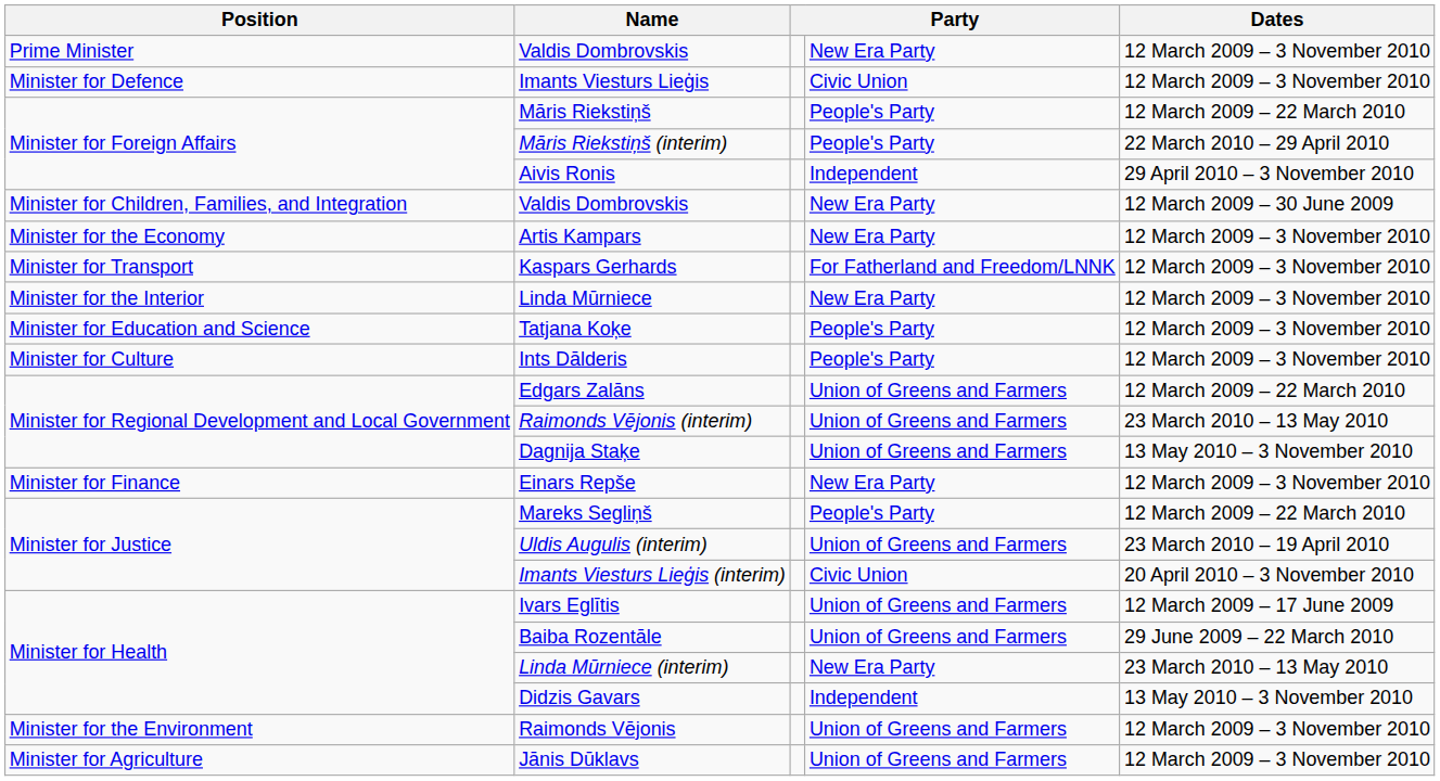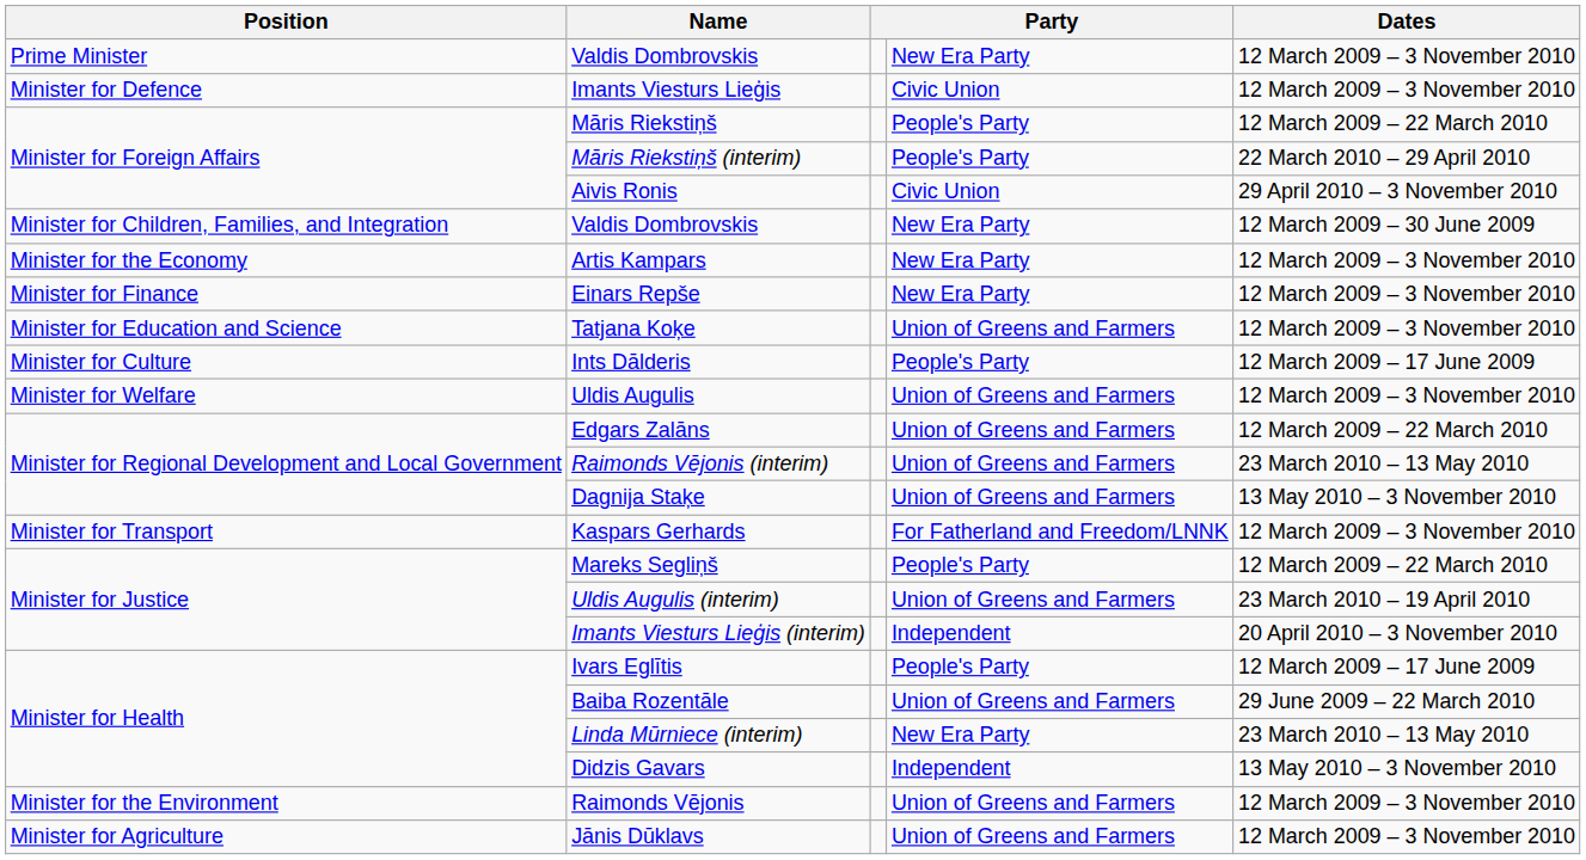 <table class="wikitable">
 <tr>
 <th>Position</th>
 <th>Name</th>
 <th colspan=2>Party</th>
 <th>Dates</th>
 </tr>
 <tr>
 <td><a href='#'>Prime Minister</a></td>
 <td><a href='#'>Valdis Dombrovskis</a></td>
 <td width=5px style="background-color: "></td>
 <td><a href='#'>New Era Party</a></td>
 <td>12 March 2009 – 3 November 2010</td>
 </tr>
 <tr>
 <td><a href='#'>Minister for Defence</a></td>
 <td><a href='#'>Imants Viesturs Lieģis</a></td>
 <td style="background-color: "></td>
 <td><a href='#'>Civic Union</a></td>
 <td>12 March 2009 – 3 November 2010</td>
 </tr>
 <tr>
 <td rowspan="3"><a href='#'>Minister for Foreign Affairs</a></td>
 <td><a href='#'>Māris Riekstiņš</a></td>
 <td style="background-color: "></td>
 <td><a href='#'>People's Party</a></td>
 <td>12 March 2009 – 22 March 2010</td>
 </tr>
 <tr>
 <td><em><a href='#'>Māris Riekstiņš</a> (interim)</em></td>
 <td style="background-color: "></td>
 <td><a href='#'>People's Party</a></td>
 <td>22 March 2010 – 29 April 2010</td>
 </tr>
 <tr>
 <td><a href='#'>Aivis Ronis</a></td>
 <td style="background-color: "></td>
-<td><a href='#'>Independent</a></td>
+<td><a href='#'>Civic Union</a></td>
 <td>29 April 2010 – 3 November 2010</td>
 </tr>
 <tr>
 <td><a href='#'>Minister for Children, Families, and Integration</a></td>
 <td><a href='#'>Valdis Dombrovskis</a></td>
 <td style="background-color: "></td>
 <td><a href='#'>New Era Party</a></td>
 <td>12 March 2009 – 30 June 2009</td>
 </tr>
 <tr>
 <td><a href='#'>Minister for the Economy</a></td>
 <td><a href='#'>Artis Kampars</a></td>
 <td style="background-color: "></td>
 <td><a href='#'>New Era Party</a></td>
 <td>12 March 2009 – 3 November 2010</td>
 </tr>
 <tr>
-<td><a href='#'>Minister for Transport</a></td>
-<td><a href='#'>Kaspars Gerhards</a></td>
-<td style="background-color: "></td>
-<td><a href='#'>For Fatherland and Freedom/LNNK</a></td>
-<td>12 March 2009 – 3 November 2010</td>
-</tr>
-<tr>
-<td><a href='#'>Minister for the Interior</a></td>
-<td><a href='#'>Linda Mūrniece</a></td>
+<td><a href='#'>Minister for Finance</a></td>
+<td><a href='#'>Einars Repše</a></td>
 <td style="background-color: "></td>
 <td><a href='#'>New Era Party</a></td>
 <td>12 March 2009 – 3 November 2010</td>
 </tr>
 <tr>
 <td><a href='#'>Minister for Education and Science</a></td>
 <td><a href='#'>Tatjana Koķe</a></td>
 <td style="background-color: "></td>
-<td><a href='#'>People's Party</a></td>
+<td><a href='#'>Union of Greens and Farmers</a></td>
 <td>12 March 2009 – 3 November 2010</td>
 </tr>
 <tr>
 <td><a href='#'>Minister for Culture</a></td>
 <td><a href='#'>Ints Dālderis</a></td>
 <td style="background-color: "></td>
 <td><a href='#'>People's Party</a></td>
+<td>12 March 2009 – 17 June 2009</td>
+</tr>
+<tr>
+<td><a href='#'>Minister for Welfare</a></td>
+<td><a href='#'>Uldis Augulis</a></td>
+<td style="background-color: "></td>
+<td><a href='#'>Union of Greens and Farmers</a></td>
 <td>12 March 2009 – 3 November 2010</td>
 </tr>
 <tr>
 <td rowspan="3"><a href='#'>Minister for Regional Development and Local Government</a></td>
 <td><a href='#'>Edgars Zalāns</a></td>
 <td style="background-color: "></td>
 <td><a href='#'>Union of Greens and Farmers</a></td>
 <td>12 March 2009 – 22 March 2010</td>
 </tr>
 <tr>
 <td><em><a href='#'>Raimonds Vējonis</a> (interim)</em></td>
 <td style="background-color: "></td>
 <td><a href='#'>Union of Greens and Farmers</a></td>
 <td>23 March 2010 – 13 May 2010</td>
 </tr>
 <tr>
 <td><a href='#'>Dagnija Staķe</a></td>
 <td style="background-color: "></td>
 <td><a href='#'>Union of Greens and Farmers</a></td>
 <td>13 May 2010 – 3 November 2010</td>
 </tr>
 <tr>
-<td><a href='#'>Minister for Finance</a></td>
-<td><a href='#'>Einars Repše</a></td>
+<td><a href='#'>Minister for Transport</a></td>
+<td><a href='#'>Kaspars Gerhards</a></td>
 <td style="background-color: "></td>
-<td><a href='#'>New Era Party</a></td>
+<td><a href='#'>For Fatherland and Freedom/LNNK</a></td>
 <td>12 March 2009 – 3 November 2010</td>
 </tr>
 <tr>
 <td rowspan="3"><a href='#'>Minister for Justice</a></td>
 <td><a href='#'>Mareks Segliņš</a></td>
 <td style="background-color: "></td>
 <td><a href='#'>People's Party</a></td>
 <td>12 March 2009 – 22 March 2010</td>
 </tr>
 <tr>
 <td><em><a href='#'>Uldis Augulis</a> (interim)</em></td>
 <td style="background-color: "></td>
 <td><a href='#'>Union of Greens and Farmers</a></td>
 <td>23 March 2010 – 19 April 2010</td>
 </tr>
 <tr>
 <td><em><a href='#'>Imants Viesturs Lieģis</a> (interim)</em></td>
 <td style="background-color: "></td>
-<td><a href='#'>Civic Union</a></td>
+<td><a href='#'>Independent</a></td>
 <td>20 April 2010 – 3 November 2010</td>
 </tr>
 <tr>
 <td rowspan="4"><a href='#'>Minister for Health</a></td>
 <td><a href='#'>Ivars Eglītis</a></td>
 <td style="background-color: "></td>
-<td><a href='#'>Union of Greens and Farmers</a></td>
+<td><a href='#'>People's Party</a></td>
 <td>12 March 2009 – 17 June 2009</td>
 </tr>
 <tr>
 <td><a href='#'>Baiba Rozentāle</a></td>
 <td style="background-color: "></td>
 <td><a href='#'>Union of Greens and Farmers</a></td>
 <td>29 June 2009 – 22 March 2010</td>
 </tr>
 <tr>
 <td><em><a href='#'>Linda Mūrniece</a> (interim)</em></td>
 <td style="background-color: "></td>
 <td><a href='#'>New Era Party</a></td>
 <td>23 March 2010 – 13 May 2010</td>
 </tr>
 <tr>
 <td><a href='#'>Didzis Gavars</a></td>
 <td style="background-color: "></td>
 <td><a href='#'>Independent</a></td>
 <td>13 May 2010 – 3 November 2010</td>
 </tr>
 <tr>
 <td><a href='#'>Minister for the Environment</a></td>
 <td><a href='#'>Raimonds Vējonis</a></td>
 <td style="background-color: "></td>
 <td><a href='#'>Union of Greens and Farmers</a></td>
 <td>12 March 2009 – 3 November 2010</td>
 </tr>
 <tr>
 <td><a href='#'>Minister for Agriculture</a></td>
 <td><a href='#'>Jānis Dūklavs</a></td>
 <td style="background-color: "></td>
 <td><a href='#'>Union of Greens and Farmers</a></td>
 <td>12 March 2009 – 3 November 2010</td>
 </tr>
 </table>
